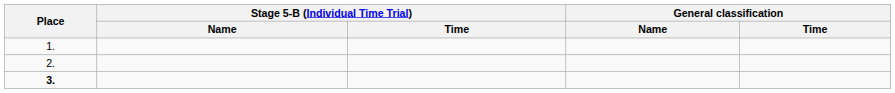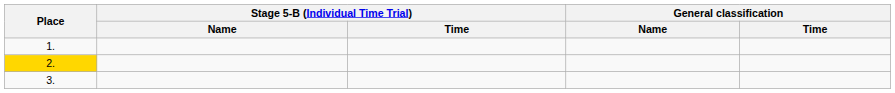 <table class=wikitable style="font-size:95%" width="80%">
 <tr>
 <th rowspan="2">Place</th>
 <th colspan="2">Stage 5-B (<a href='#'>Individual Time Trial</a>)</th>
 <th colspan="2">General classification</th>
 </tr>
 <tr>
 <th>Name</th>
 <th>Time</th>
 <th>Name</th>
 <th>Time</th>
 </tr>
 <tr>
 <td align="center">1.</td>
 <td></td>
 <td></td>
 <td></td>
 <td></td>
 </tr>
 <tr>
-<td align="center">2.</td>
+<td align="center" style="background: gold;">2.</td>
 <td></td>
 <td></td>
 <td></td>
 <td></td>
 </tr>
 <tr>
-<td align="center"><strong>3.</strong></td>
+<td align="center">3.</td>
 <td></td>
 <td></td>
 <td></td>
 <td></td>
 </tr>
 </table>
